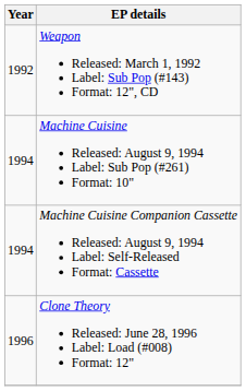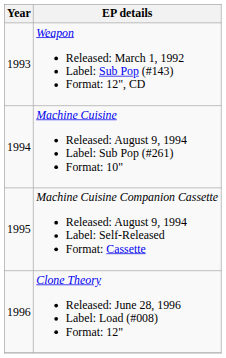 <table class ="wikitable">
 <tr>
 <th>Year</th>
 <th>EP details</th>
 </tr>
 <tr>
-<td>1992</td>
+<td>1993</td>
 <td><em><a href='#'>Weapon</a></em><br><ul><li>Released: March 1, 1992</li><li>Label: <a href='#'>Sub Pop</a> (#143)</li><li>Format: 12", CD</li></ul></td>
 </tr>
 <tr>
 <td>1994</td>
 <td><em><a href='#'>Machine Cuisine</a></em><br><ul><li>Released: August 9, 1994</li><li>Label: Sub Pop (#261)</li><li>Format: 10"</li></ul></td>
 </tr>
 <tr>
-<td>1994</td>
+<td>1995</td>
 <td><em>Machine Cuisine Companion Cassette</em><br><ul><li>Released: August 9, 1994</li><li>Label: Self-Released</li><li>Format: <a href='#'>Cassette</a></li></ul></td>
 </tr>
 <tr>
 <td>1996</td>
 <td><em><a href='#'>Clone Theory</a></em><br><ul><li>Released: June 28, 1996</li><li>Label: Load (#008)</li><li>Format: 12"</li></ul></td>
 </tr>
 <tr>
 </tr>
 </table>
